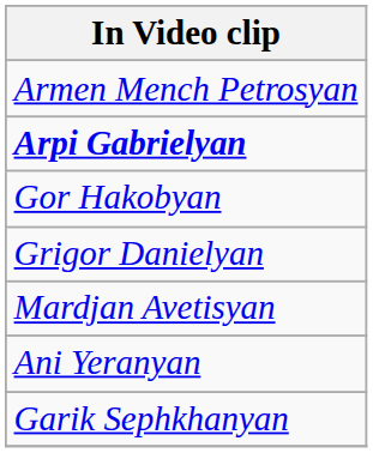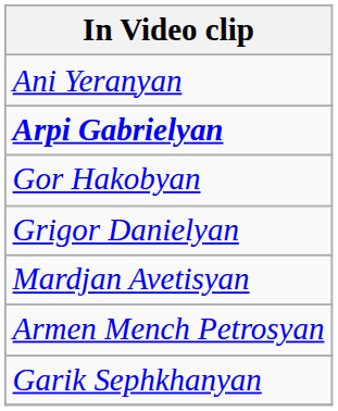 <table class="wikitable sortable">
 <tr>
 <th scope="col">In Video clip</th>
 </tr>
 <tr>
-<td scope="col"><em><a href='#'>Armen Mench Petrosyan</a></em></td>
+<td scope="col"><em><a href='#'>Ani Yeranyan</a></em></td>
 </tr>
 <tr>
 <td scope="col"><strong><em><a href='#'>Arpi Gabrielyan</a></em></strong></td>
 </tr>
 <tr>
 <td scope="col"><em><a href='#'>Gor Hakobyan</a></em></td>
 </tr>
 <tr>
 <td scope="col"><em><a href='#'>Grigor Danielyan</a></em></td>
 </tr>
 <tr>
 <td scope="col"><em><a href='#'>Mardjan Avetisyan</a></em></td>
 </tr>
 <tr>
-<td scope="col"><em><a href='#'>Ani Yeranyan</a></em></td>
+<td scope="col"><em><a href='#'>Armen Mench Petrosyan</a></em></td>
 </tr>
 <tr>
 <td scope="col"><em><a href='#'>Garik Sephkhanyan</a></em></td>
 </tr>
 <tr>
 </tr>
 </table>
